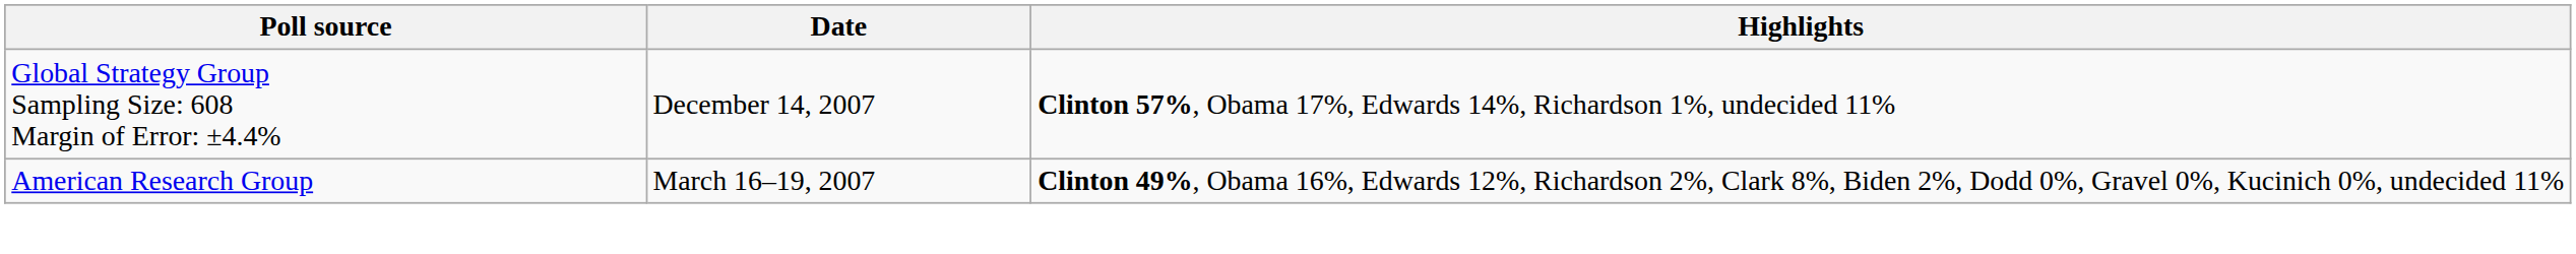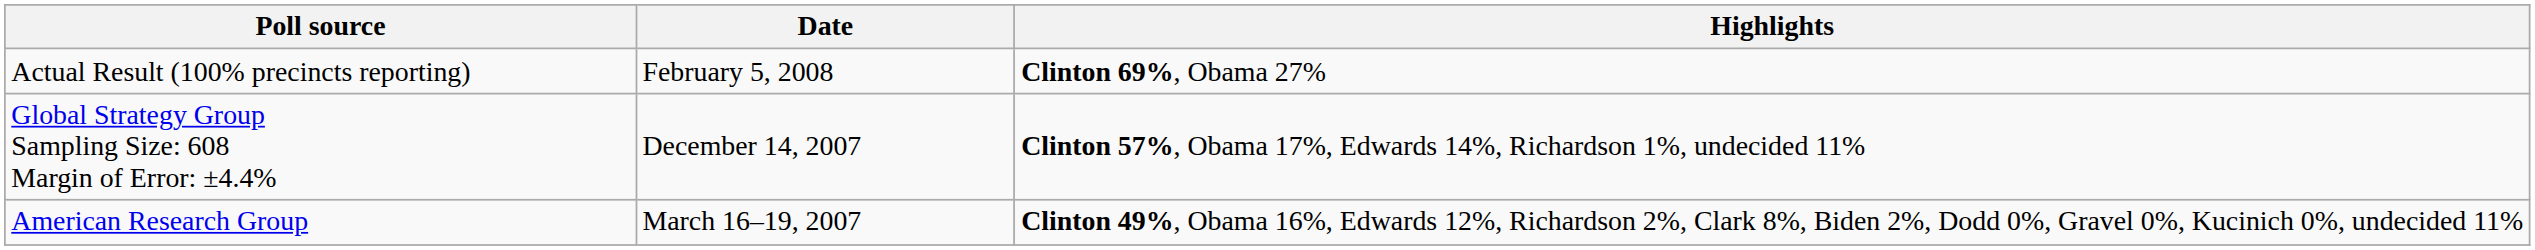 <table class="wikitable sortable">
 <tr>
 <th width="25%">Poll source</th>
 <th width="15%">Date</th>
 <th width="60%">Highlights</th>
+</tr>
+<tr>
+<td>Actual Result (100% precincts reporting)</td>
+<td>February 5, 2008</td>
+<td><strong>Clinton 69%</strong>, Obama 27%</td>
 </tr>
 <tr>
 <td><a href='#'>Global Strategy Group</a><br>Sampling Size: 608<br> Margin of Error: ±4.4%</td>
 <td>December 14, 2007</td>
 <td><strong>Clinton 57%</strong>, Obama 17%, Edwards 14%, Richardson 1%, undecided 11%</td>
 </tr>
 <tr>
 <td><a href='#'>American Research Group</a></td>
 <td>March 16–19, 2007</td>
 <td><strong>Clinton 49%</strong>, Obama 16%, Edwards 12%, Richardson 2%, Clark 8%, Biden 2%, Dodd 0%, Gravel 0%, Kucinich 0%, undecided 11%</td>
 </tr>
 </table>
